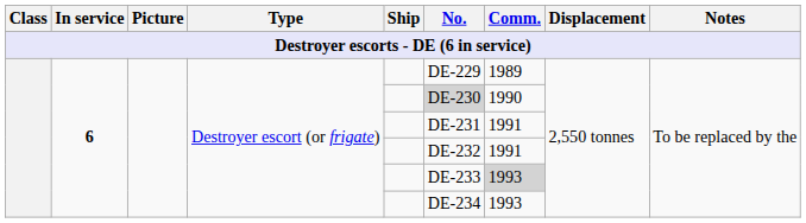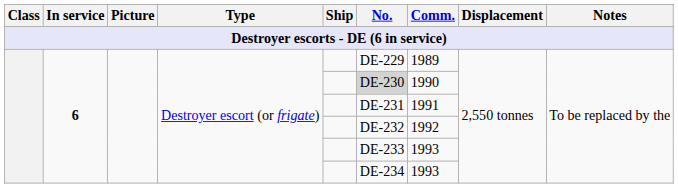 <table class="wikitable">
 <tr>
 <th>Class</th>
 <th>In service</th>
 <th>Picture</th>
 <th>Type</th>
 <th>Ship</th>
 <th><a href='#'>No.</a></th>
 <th><a href='#'>Comm.</a></th>
 <th>Displacement</th>
 <th>Notes</th>
 </tr>
 <tr>
 <th colspan="9" style="background: lavender;">Destroyer escorts - DE (6 in service)</th>
 </tr>
 <tr>
 <th rowspan="6" style="text-align: left;"></th>
 <td rowspan="6" style="text-align: center;"><strong>6</strong></td>
 <td rowspan="6"></td>
 <td rowspan="6"><a href='#'>Destroyer escort</a> (or <em><a href='#'>frigate</a></em>)</td>
 <td></td>
 <td>DE-229</td>
 <td>1989</td>
 <td rowspan="6">2,550 tonnes</td>
 <td rowspan="6">To be replaced by the  </td>
 </tr>
 <tr>
 <td></td>
 <td style="background: lightgrey;">DE-230</td>
 <td>1990</td>
 </tr>
 <tr>
 <td></td>
 <td>DE-231</td>
 <td>1991</td>
 </tr>
 <tr>
 <td></td>
 <td>DE-232</td>
-<td>1991</td>
+<td>1992</td>
 </tr>
 <tr>
 <td></td>
 <td>DE-233</td>
-<td style="background: lightgrey;">1993</td>
+<td>1993</td>
 </tr>
 <tr>
 <td></td>
 <td>DE-234</td>
 <td>1993</td>
 </tr>
 </table>
